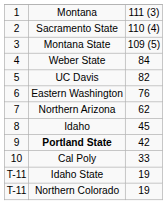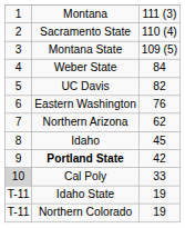 <table class="wikitable" style="display: inline-table;">
 <tr align="center">
 </tr>
 <tr align="center">
 <td>1</td>
 <td>Montana</td>
 <td>111 (3)</td>
 </tr>
 <tr align="center">
 <td>2</td>
 <td>Sacramento State</td>
 <td>110 (4)</td>
 </tr>
 <tr align="center">
 <td>3</td>
 <td>Montana State</td>
 <td>109 (5)</td>
 </tr>
 <tr align="center">
 <td>4</td>
 <td>Weber State</td>
 <td>84</td>
 </tr>
 <tr align="center">
 <td>5</td>
 <td>UC Davis</td>
 <td>82</td>
 </tr>
 <tr align="center">
 <td>6</td>
 <td>Eastern Washington</td>
 <td>76</td>
 </tr>
 <tr align="center">
 <td>7</td>
 <td>Northern Arizona</td>
 <td>62</td>
 </tr>
 <tr align="center">
 <td>8</td>
 <td>Idaho</td>
 <td>45</td>
 </tr>
 <tr align="center">
 <td>9</td>
 <td><strong>Portland State</strong></td>
 <td>42</td>
 </tr>
 <tr align="center">
-<td>10</td>
+<td style="background: lightgrey;">10</td>
 <td>Cal Poly</td>
 <td>33</td>
 </tr>
 <tr align="center">
 <td>T-11</td>
 <td>Idaho State</td>
 <td>19</td>
 </tr>
 <tr align="center">
 <td>T-11</td>
 <td>Northern Colorado</td>
 <td>19</td>
 </tr>
 </table>
